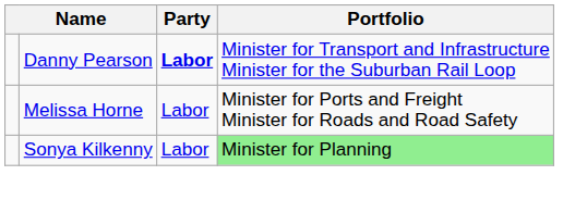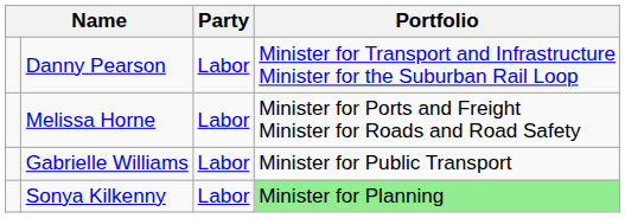 <table class="wikitable">
 <tr>
 <th colspan="2">Name</th>
 <th>Party</th>
 <th>Portfolio</th>
 </tr>
 <tr>
 <td width=5px style="color:inherit;background:"></td>
 <td><a href='#'>Danny Pearson</a></td>
-<td><strong><a href='#'>Labor</a></strong></td>
+<td><a href='#'>Labor</a></td>
 <td><a href='#'>Minister for Transport and Infrastructure</a><br><a href='#'>Minister for the Suburban Rail Loop</a></td>
 </tr>
 <tr>
 <td width=5px style="color:inherit;background:"></td>
 <td><a href='#'>Melissa Horne</a></td>
 <td><a href='#'>Labor</a></td>
 <td>Minister for Ports and Freight <br>Minister for Roads and Road Safety</td>
 </tr>
 <tr>
 <td width=5px style="color:inherit;background:"></td>
+<td><a href='#'>Gabrielle Williams</a></td>
+<td><a href='#'>Labor</a></td>
+<td>Minister for Public Transport</td>
+</tr>
+<tr>
+<td width=5px style="color:inherit;background:"></td>
 <td><a href='#'>Sonya Kilkenny</a></td>
 <td><a href='#'>Labor</a></td>
 <td style="background: lightgreen;">Minister for Planning</td>
 </tr>
 </table>
